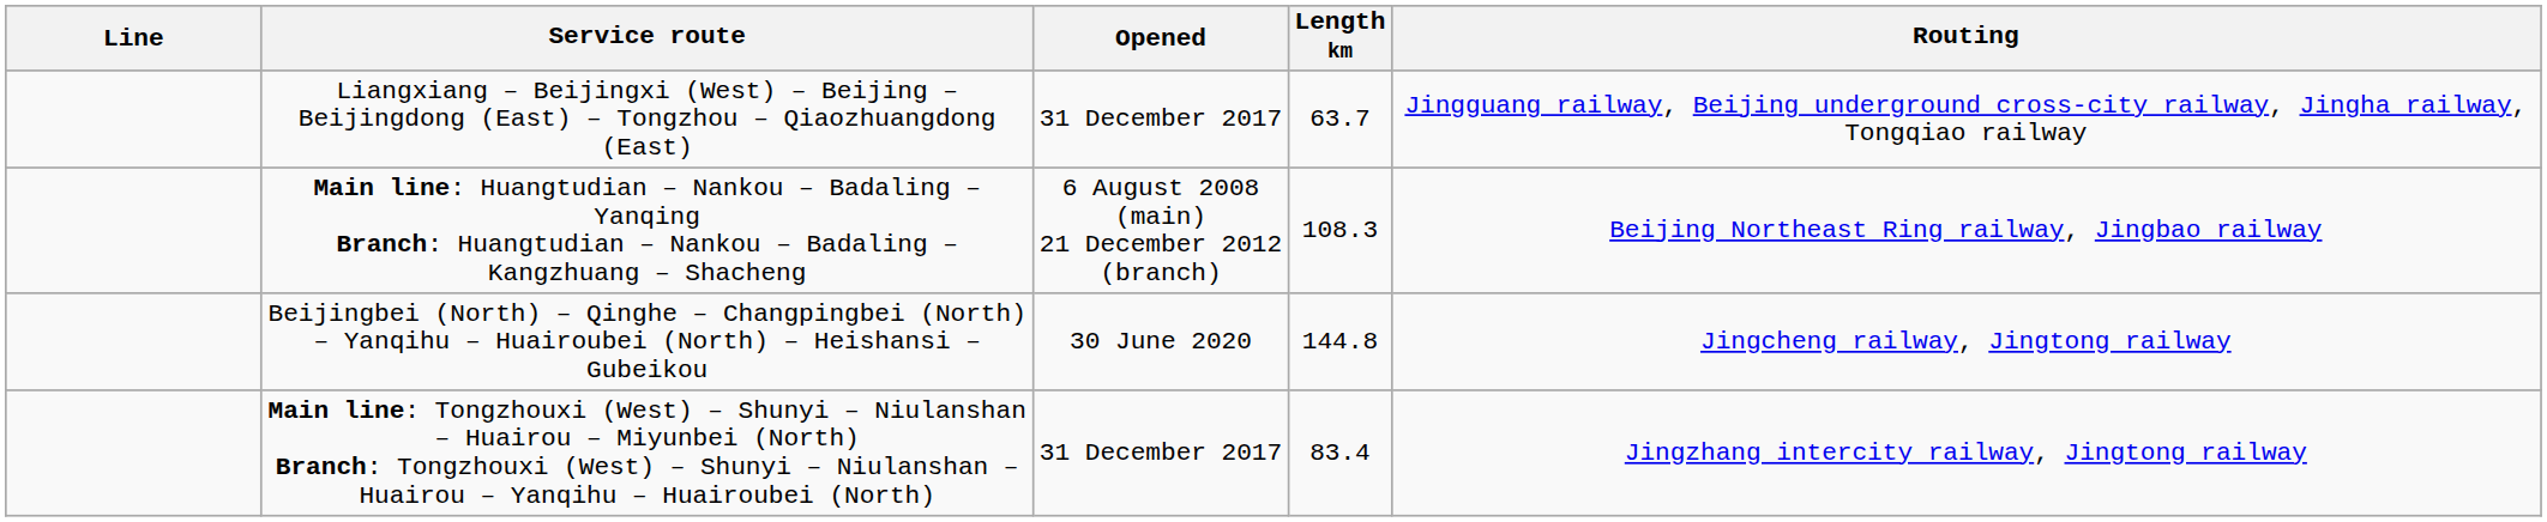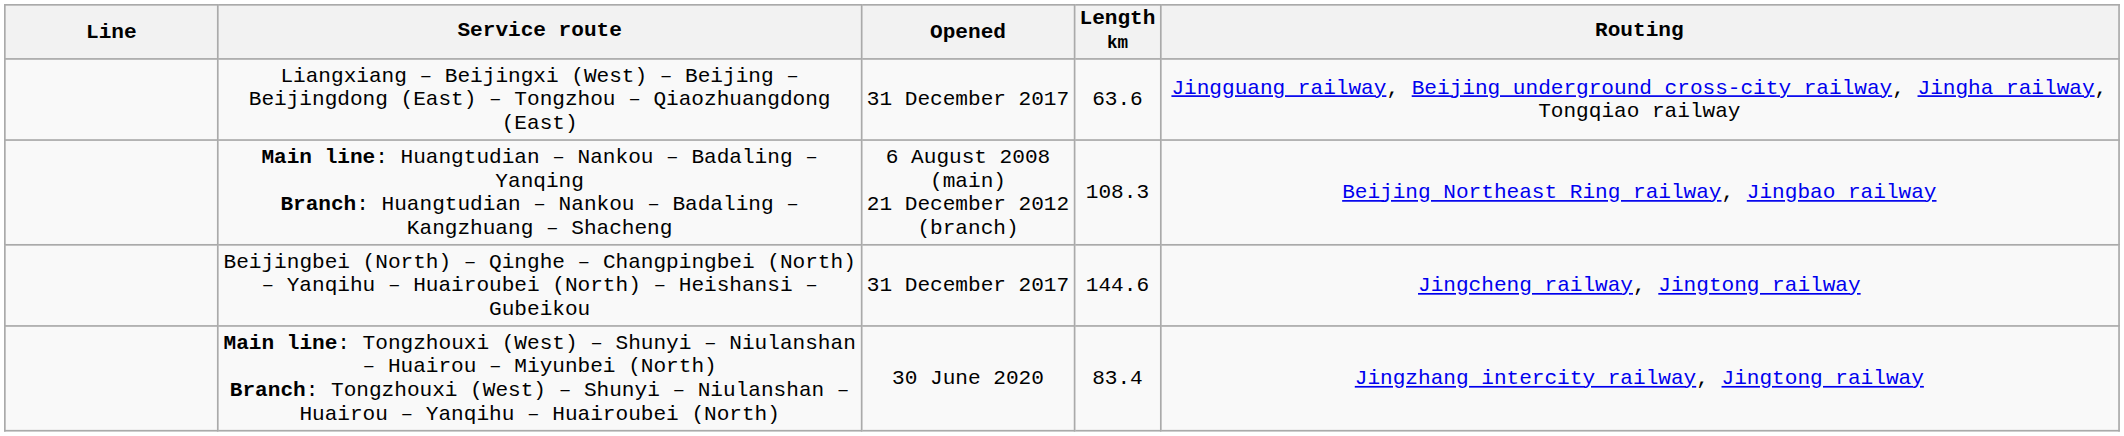 <table class="wikitable sortable" style="cell-padding:1.5; font-size:96%; text-align:center;">
 <tr>
 <th data-sort-type="text"style="width:120px;">Line</th>
 <th class="unsortable" style="width:375px; line-height:1.05">Service route</th>
 <th data-sort-type="text"style="width:120px;">Opened</th>
 <th style="line-height:1.05">Length<br><small>km</small></th>
 <th style="line-height:1.05">Routing</th>
 </tr>
 <tr>
 <td></td>
 <td>Liangxiang – Beijingxi (West) – Beijing – Beijingdong (East) – Tongzhou – Qiaozhuangdong (East)</td>
 <td>31 December 2017</td>
-<td>63.7</td>
+<td>63.6</td>
 <td><a href='#'>Jingguang railway</a>, <a href='#'>Beijing underground cross-city railway</a>, <a href='#'>Jingha railway</a>, Tongqiao railway</td>
 </tr>
 <tr>
 <td></td>
 <td><strong>Main line</strong>: Huangtudian – Nankou – Badaling – Yanqing<br><strong>Branch</strong>: Huangtudian – Nankou – Badaling – Kangzhuang – Shacheng</td>
 <td>6 August 2008 (main)<br>21 December 2012 (branch)</td>
 <td>108.3</td>
 <td><a href='#'>Beijing Northeast Ring railway</a>, <a href='#'>Jingbao railway</a></td>
 </tr>
 <tr>
 <td></td>
 <td>Beijingbei (North) – Qinghe – Changpingbei (North) – Yanqihu – Huairoubei (North) – Heishansi – Gubeikou</td>
-<td>30 June 2020</td>
-<td>144.8</td>
+<td>31 December 2017</td>
+<td>144.6</td>
 <td><a href='#'>Jingcheng railway</a>, <a href='#'>Jingtong railway</a></td>
 </tr>
 <tr>
 <td></td>
 <td><strong>Main line</strong>: Tongzhouxi (West) – Shunyi – Niulanshan – Huairou – Miyunbei (North)<br><strong>Branch</strong>: Tongzhouxi (West) – Shunyi – Niulanshan – Huairou – Yanqihu – Huairoubei (North)</td>
-<td>31 December 2017</td>
+<td>30 June 2020</td>
 <td>83.4</td>
 <td><a href='#'>Jingzhang intercity railway</a>, <a href='#'>Jingtong railway</a></td>
 </tr>
 </table>
